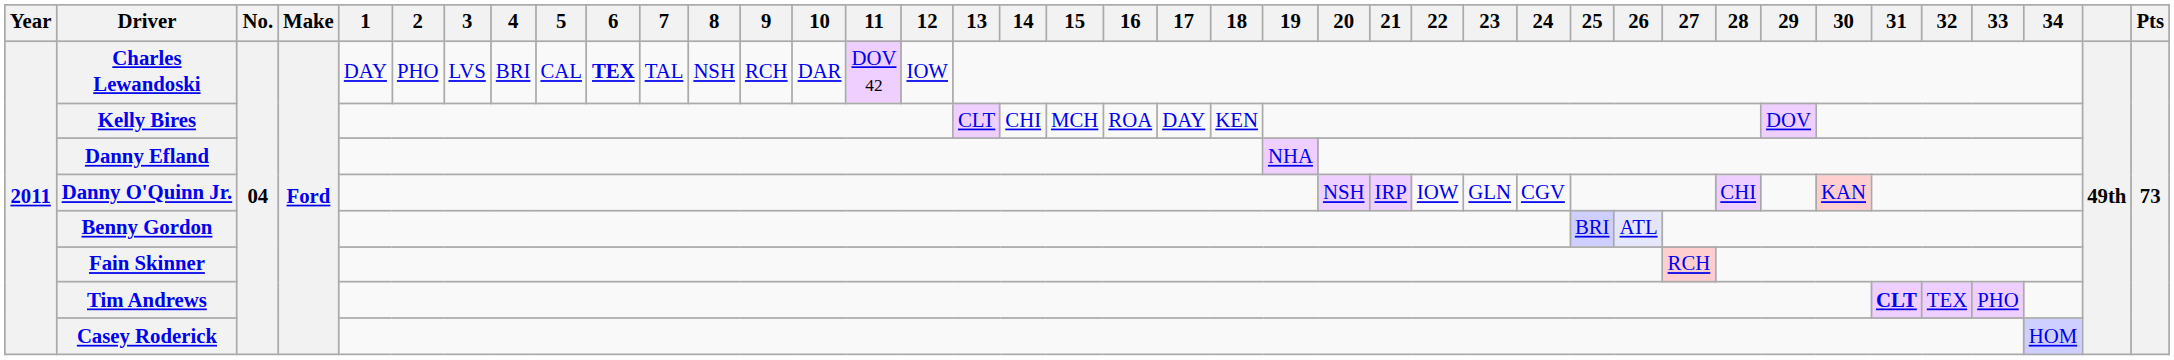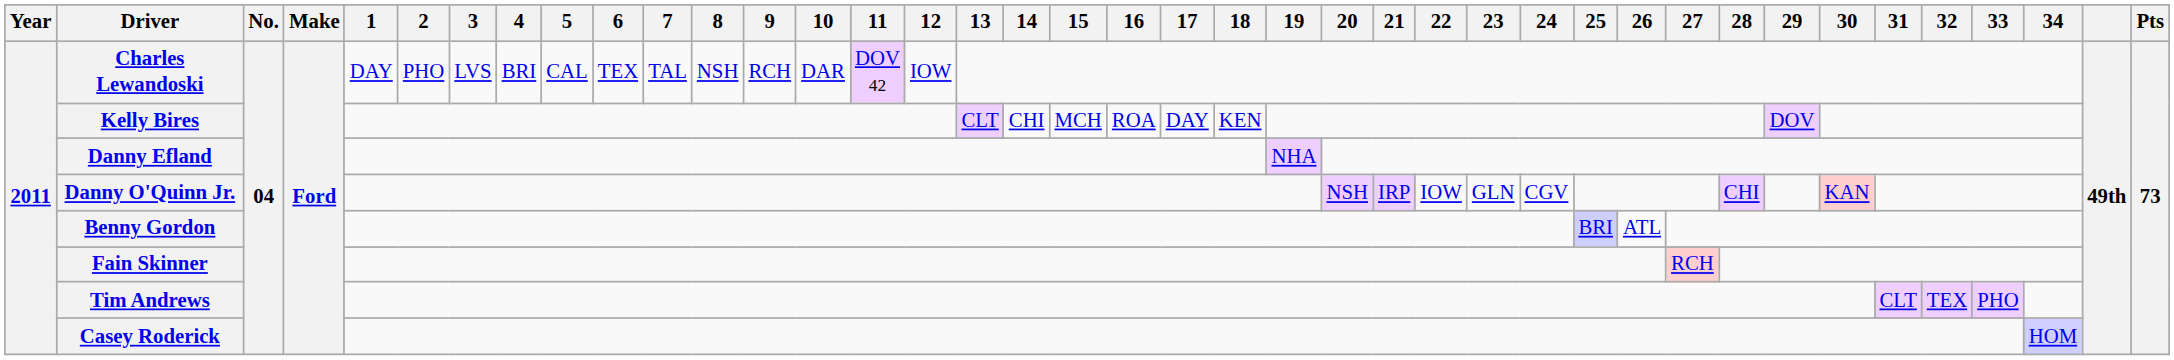 <table class="wikitable" style="text-align:center; font-size:75%">
 <tr>
 <th>Year</th>
 <th>Driver</th>
 <th>No.</th>
 <th>Make</th>
 <th>1</th>
 <th>2</th>
 <th>3</th>
 <th>4</th>
 <th>5</th>
 <th>6</th>
 <th>7</th>
 <th>8</th>
 <th>9</th>
 <th>10</th>
 <th>11</th>
 <th>12</th>
 <th>13</th>
 <th>14</th>
 <th>15</th>
 <th>16</th>
 <th>17</th>
 <th>18</th>
 <th>19</th>
 <th>20</th>
 <th>21</th>
 <th>22</th>
 <th>23</th>
 <th>24</th>
 <th>25</th>
 <th>26</th>
 <th>27</th>
 <th>28</th>
 <th>29</th>
 <th>30</th>
 <th>31</th>
 <th>32</th>
 <th>33</th>
 <th>34</th>
 <th></th>
 <th>Pts</th>
 </tr>
 <tr>
 <th rowspan=8><a href='#'>2011</a></th>
 <th><a href='#'>Charles Lewandoski</a></th>
 <th rowspan=8>04</th>
 <th rowspan=8><a href='#'>Ford</a></th>
 <td><a href='#'>DAY</a></td>
 <td><a href='#'>PHO</a></td>
 <td><a href='#'>LVS</a></td>
 <td><a href='#'>BRI</a></td>
 <td><a href='#'>CAL</a></td>
-<td><strong><a href='#'>TEX</a></strong></td>
+<td><a href='#'>TEX</a></td>
 <td><a href='#'>TAL</a></td>
 <td><a href='#'>NSH</a></td>
 <td><a href='#'>RCH</a></td>
 <td><a href='#'>DAR</a></td>
 <td style="background:#EFCFFF;"><a href='#'>DOV</a><br><small>42</small></td>
 <td><a href='#'>IOW</a></td>
 <td colspan=22></td>
 <th rowspan=8>49th</th>
 <th rowspan=8>73</th>
 </tr>
 <tr>
 <th><a href='#'>Kelly Bires</a></th>
 <td colspan=12></td>
 <td style="background:#EFCFFF;"><a href='#'>CLT</a><br></td>
 <td><a href='#'>CHI</a></td>
 <td><a href='#'>MCH</a></td>
 <td><a href='#'>ROA</a></td>
 <td><a href='#'>DAY</a></td>
 <td><a href='#'>KEN</a></td>
 <td colspan=10></td>
 <td style="background:#EFCFFF;"><a href='#'>DOV</a><br></td>
 <td colspan=5></td>
 </tr>
 <tr>
 <th><a href='#'>Danny Efland</a></th>
 <td colspan=18></td>
 <td style="background:#EFCFFF;"><a href='#'>NHA</a><br></td>
 <td colspan=15></td>
 </tr>
 <tr>
 <th><a href='#'>Danny O'Quinn Jr.</a></th>
 <td colspan=19></td>
 <td style="background:#EFCFFF;"><a href='#'>NSH</a><br></td>
 <td style="background:#EFCFFF;"><a href='#'>IRP</a><br></td>
 <td><a href='#'>IOW</a></td>
 <td><a href='#'>GLN</a></td>
 <td><a href='#'>CGV</a></td>
 <td colspan=3></td>
 <td style="background:#EFCFFF;"><a href='#'>CHI</a><br></td>
 <td></td>
 <td style="background:#FFCFCF;"><a href='#'>KAN</a><br></td>
 <td colspan=4></td>
 </tr>
 <tr>
 <th><a href='#'>Benny Gordon</a></th>
 <td colspan=24></td>
 <td style="background:#CFCFFF;"><a href='#'>BRI</a><br></td>
-<td style="background: lavender;"><a href='#'>ATL</a></td>
+<td><a href='#'>ATL</a></td>
 <td colspan=8></td>
 </tr>
 <tr>
 <th><a href='#'>Fain Skinner</a></th>
 <td colspan=26></td>
 <td style="background:#FFCFCF;"><a href='#'>RCH</a><br></td>
 <td colspan=7></td>
 </tr>
 <tr>
 <th><a href='#'>Tim Andrews</a></th>
 <td colspan=30></td>
-<td style="background:#EFCFFF;"><strong><a href='#'>CLT</a><br></strong></td>
+<td style="background:#EFCFFF;"><a href='#'>CLT</a><br></td>
 <td style="background:#EFCFFF;"><a href='#'>TEX</a><br></td>
 <td style="background:#EFCFFF;"><a href='#'>PHO</a><br></td>
 <td></td>
 </tr>
 <tr>
 <th><a href='#'>Casey Roderick</a></th>
 <td colspan=33></td>
 <td style="background:#CFCFFF;"><a href='#'>HOM</a><br></td>
 </tr>
 </table>
